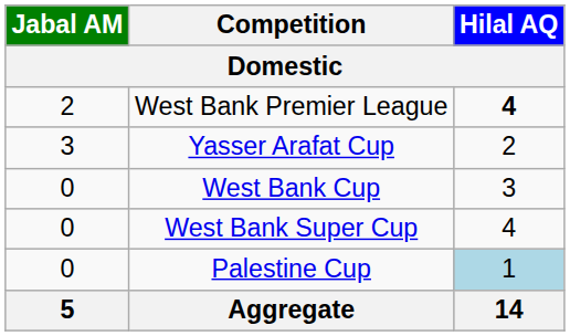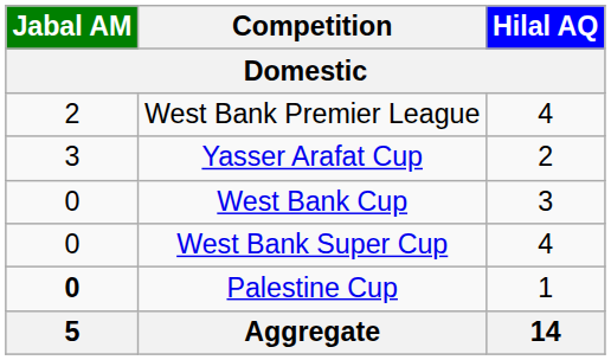 <table class="wikitable sortable"  style="width:auto; margin:auto;">
 <tr>
 <th ! style="color:#ffffff; background-color:#008000;">Jabal AM</th>
 <th>Competition</th>
 <th ! style="color:#ffffff; background-color:#0000FF;">Hilal AQ</th>
 </tr>
 <tr style="text-align:center;">
 <th colspan="3">Domestic</th>
 </tr>
 <tr style="text-align:center;">
 <td>2</td>
 <td>West Bank Premier League</td>
-<td><strong>4</strong></td>
+<td>4</td>
 </tr>
 <tr style="text-align:center;">
 <td>3</td>
 <td><a href='#'>Yasser Arafat Cup</a></td>
 <td>2</td>
 </tr>
 <tr style="text-align:center;">
 <td>0</td>
 <td><a href='#'>West Bank Cup</a></td>
 <td>3</td>
 </tr>
 <tr style="text-align:center;">
 <td>0</td>
 <td><a href='#'>West Bank Super Cup</a></td>
 <td>4</td>
 </tr>
 <tr style="text-align:center;">
-<td>0</td>
+<td><strong>0</strong></td>
 <td><a href='#'>Palestine Cup</a></td>
-<td style="background: lightblue;">1</td>
+<td>1</td>
 </tr>
 <tr align="center">
 <th><strong>5</strong></th>
 <th><strong>Aggregate</strong></th>
 <th><strong>14</strong></th>
 </tr>
 </table>
